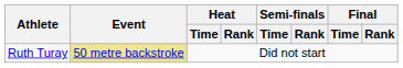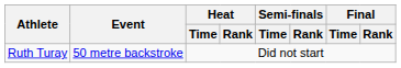 <table class="wikitable" style="font-size:90%; text-align:center">
 <tr>
 <th rowspan="2">Athlete</th>
 <th rowspan="2">Event</th>
 <th colspan="2">Heat</th>
 <th colspan="2">Semi-finals</th>
 <th colspan="2">Final</th>
 </tr>
 <tr>
 <th>Time</th>
 <th>Rank</th>
 <th>Time</th>
 <th>Rank</th>
 <th>Time</th>
 <th>Rank</th>
 </tr>
 <tr>
 <td align="left"><a href='#'>Ruth Turay</a></td>
-<td align="left" style="background: khaki;"><a href='#'>50 metre backstroke</a></td>
+<td align="left"><a href='#'>50 metre backstroke</a></td>
 <td colspan="6">Did not start</td>
 </tr>
 </table>
